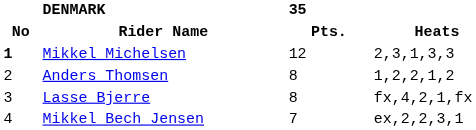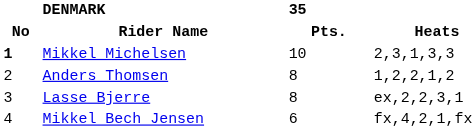 <table class="toccolours">
 <tr>
 <td></td>
 <td><strong>DENMARK</strong></td>
 <td><strong>35</strong></td>
 </tr>
 <tr>
 <th width=30px>No</th>
 <th width=210px>Rider Name</th>
 <th width=70px>Pts.</th>
 <th width=110px>Heats</th>
 </tr>
 <tr style="background-color:">
 <td><strong>1</strong></td>
 <td><a href='#'>Mikkel Michelsen</a></td>
-<td>12</td>
+<td>10</td>
 <td>2,3,1,3,3</td>
 </tr>
 <tr>
 <td>2</td>
 <td><a href='#'>Anders Thomsen</a></td>
 <td>8</td>
 <td>1,2,2,1,2</td>
 </tr>
 <tr style="background-color:">
 <td>3</td>
 <td><a href='#'>Lasse Bjerre</a></td>
 <td>8</td>
-<td>fx,4,2,1,fx</td>
+<td>ex,2,2,3,1</td>
 </tr>
 <tr style="background-color:">
 <td>4</td>
 <td><a href='#'>Mikkel Bech Jensen</a></td>
-<td>7</td>
-<td>ex,2,2,3,1</td>
+<td>6</td>
+<td>fx,4,2,1,fx</td>
 </tr>
 </table>
